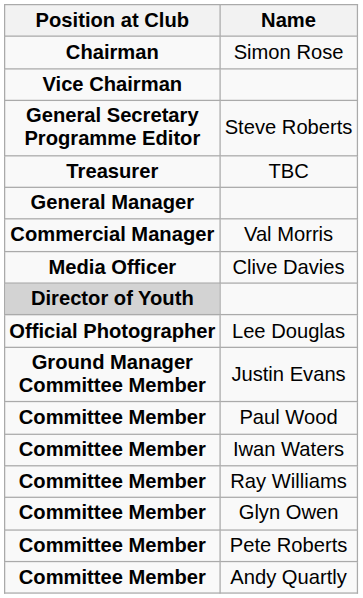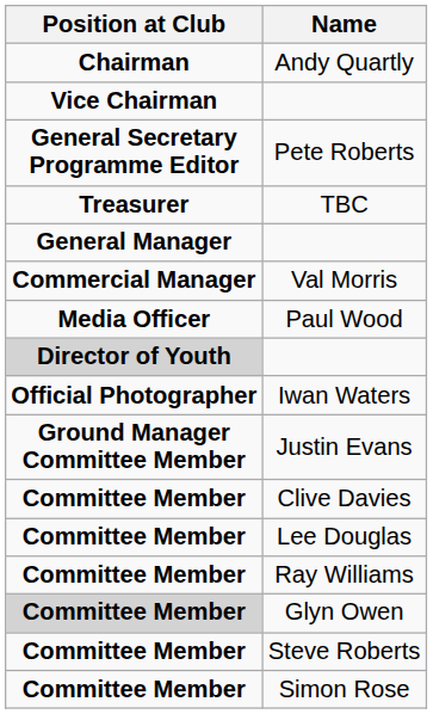 <table class="wikitable" style="text-align: center">
 <tr>
 <th>Position at Club</th>
 <th>Name</th>
 </tr>
 <tr>
 <td><strong>Chairman</strong></td>
-<td>Simon Rose</td>
+<td>Andy Quartly</td>
 </tr>
 <tr>
 <td><strong>Vice Chairman</strong></td>
 <td></td>
 </tr>
 <tr>
 <td><strong>General Secretary <br> Programme Editor</strong></td>
-<td>Steve Roberts</td>
+<td>Pete Roberts</td>
 </tr>
 <tr>
 <td><strong>Treasurer</strong></td>
 <td>TBC</td>
 </tr>
 <tr>
 <td><strong>General Manager</strong></td>
 <td></td>
 </tr>
 <tr>
 <td><strong>Commercial Manager</strong></td>
 <td>Val Morris</td>
 </tr>
 <tr>
 <td><strong>Media Officer</strong></td>
-<td>Clive Davies</td>
+<td>Paul Wood</td>
 </tr>
 <tr>
 <td style="background: lightgrey;"><strong>Director of Youth</strong></td>
 <td></td>
 </tr>
 <tr>
 <td><strong>Official Photographer</strong></td>
-<td>Lee Douglas</td>
+<td>Iwan Waters</td>
 </tr>
 <tr>
 <td><strong>Ground Manager <br> Committee Member</strong></td>
 <td>Justin Evans</td>
 </tr>
 <tr>
 <td><strong>Committee Member</strong></td>
-<td>Paul Wood</td>
+<td>Clive Davies</td>
 </tr>
 <tr>
 <td><strong>Committee Member</strong></td>
-<td>Iwan Waters</td>
+<td>Lee Douglas</td>
 </tr>
 <tr>
 <td><strong>Committee Member</strong></td>
 <td>Ray Williams</td>
 </tr>
 <tr>
-<td><strong>Committee Member</strong></td>
+<td style="background: lightgrey;"><strong>Committee Member</strong></td>
 <td>Glyn Owen</td>
 </tr>
 <tr>
 <td><strong>Committee Member</strong></td>
-<td>Pete Roberts</td>
+<td>Steve Roberts</td>
 </tr>
 <tr>
 <td><strong>Committee Member</strong></td>
-<td>Andy Quartly</td>
+<td>Simon Rose</td>
 </tr>
 </table>
